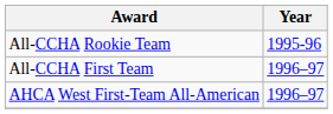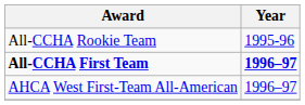 <table class="wikitable">
 <tr>
 <th>Award</th>
 <th>Year</th>
 </tr>
 <tr>
 <td>All-<a href='#'>CCHA</a> <a href='#'>Rookie Team</a></td>
 <td><a href='#'>1995-96</a></td>
 </tr>
 <tr>
-<td>All-<a href='#'>CCHA</a> <a href='#'>First Team</a></td>
-<td><a href='#'>1996–97</a></td>
+<td><strong>All-<a href='#'>CCHA</a> <a href='#'>First Team</a></strong></td>
+<td><strong><a href='#'>1996–97</a></strong></td>
 </tr>
 <tr>
 <td><a href='#'>AHCA</a> <a href='#'>West First-Team All-American</a></td>
 <td><a href='#'>1996–97</a></td>
 </tr>
 <tr>
 </tr>
 </table>
